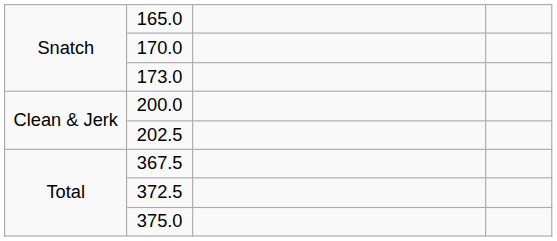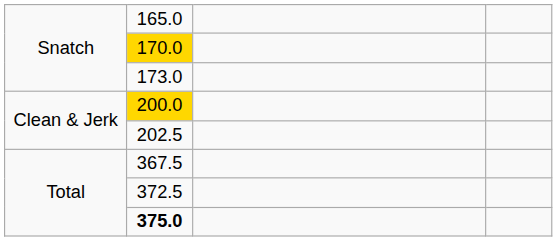 <table class = "wikitable" style="text-align:center;">
 <tr>
 <td rowspan=3 width=100>Snatch</td>
 <td width=50>165.0</td>
 <td width=250 align=left></td>
 <td width=50></td>
 </tr>
 <tr>
-<td>170.0</td>
+<td style="background: gold;">170.0</td>
 <td align=left></td>
 <td></td>
 </tr>
 <tr>
 <td>173.0</td>
 <td align=left></td>
 <td></td>
 </tr>
 <tr>
 <td rowspan=2>Clean & Jerk</td>
-<td>200.0</td>
+<td style="background: gold;">200.0</td>
 <td align=left></td>
 <td></td>
 </tr>
 <tr>
 <td>202.5</td>
 <td align=left></td>
 <td></td>
 </tr>
 <tr>
 <td rowspan=3>Total</td>
 <td>367.5</td>
 <td align=left></td>
 <td></td>
 </tr>
 <tr>
 <td>372.5</td>
 <td align=left></td>
 <td></td>
 </tr>
 <tr>
-<td>375.0</td>
+<td><strong>375.0</strong></td>
 <td align=left></td>
 <td></td>
 </tr>
 </table>
